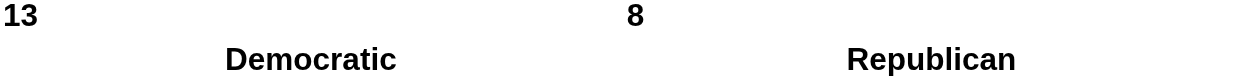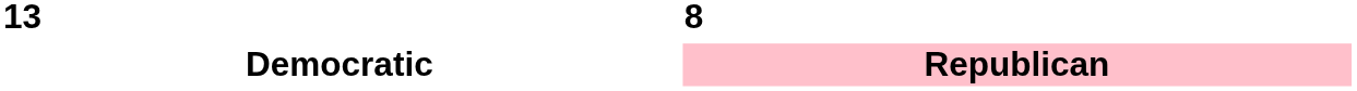 <table style="width:50%">
 <tr>
 <td scope="row" colspan="3" style="text-align:center"></td>
 </tr>
 <tr>
 <td scope="row" style="background:"><strong>13</strong></td>
 <td style="background:"><strong>8</strong></td>
 </tr>
 <tr>
 <td scope="row" style="text-align:center; color:"><strong>Democratic</strong></td>
-<td style="text-align:center; color:"><strong>Republican</strong></td>
+<td style="background: pink; text-align:center; color:"><strong>Republican</strong></td>
 </tr>
 </table>
